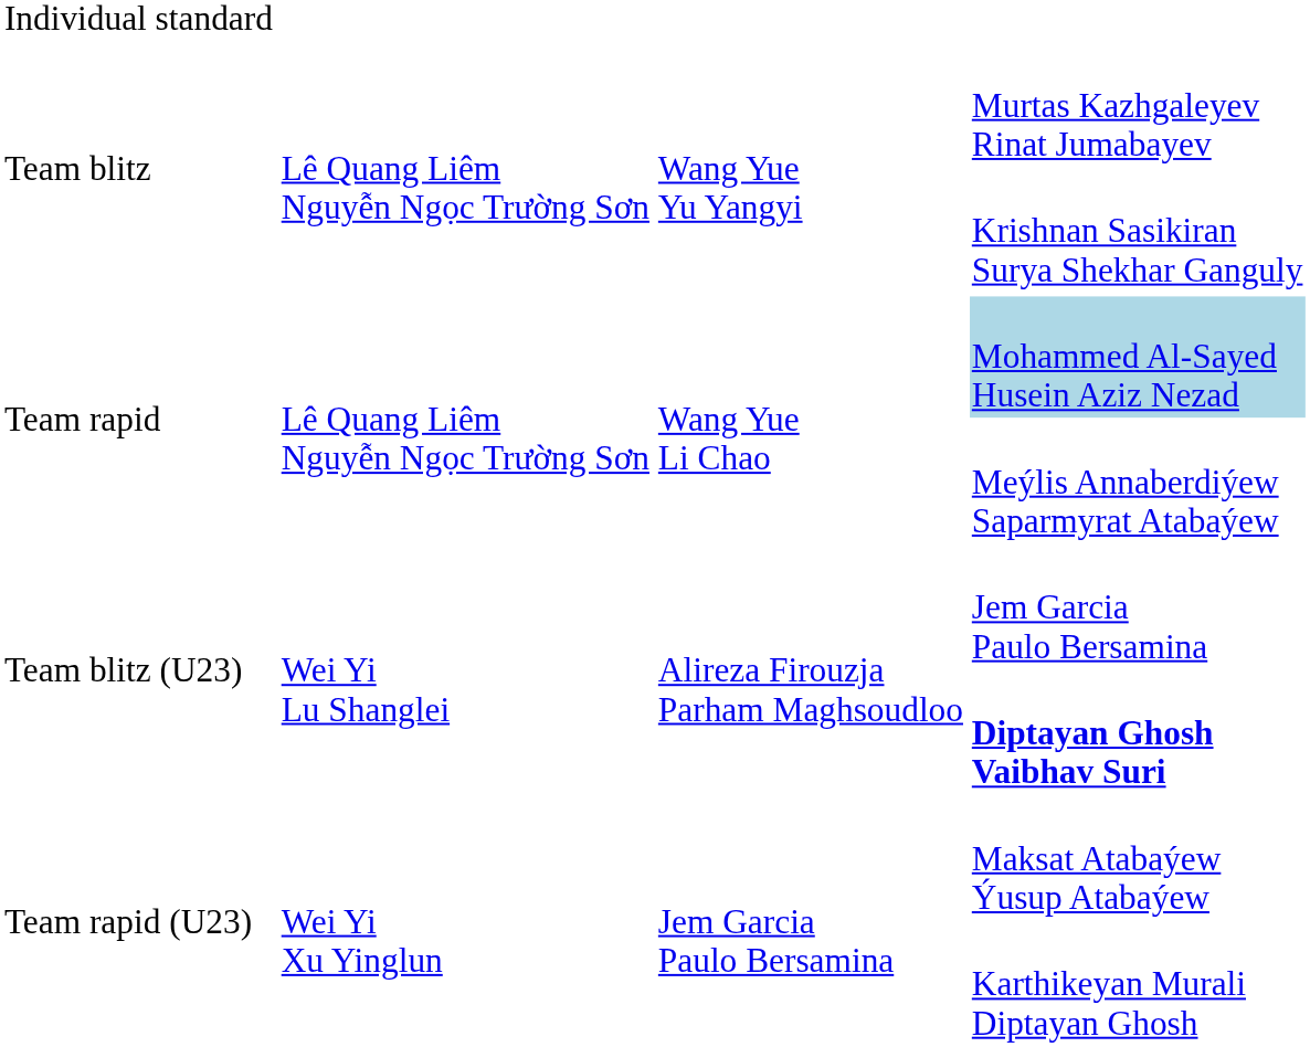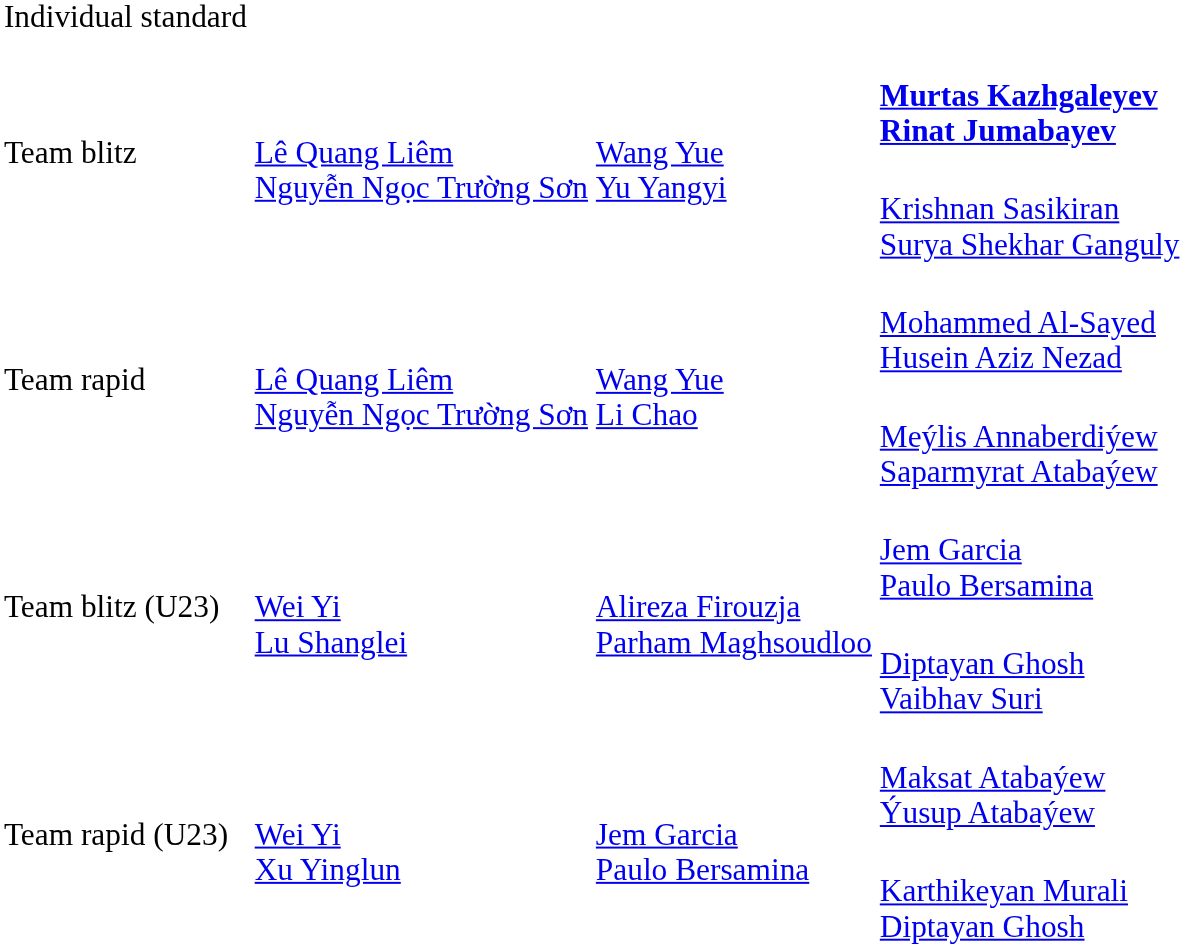 <table>
 <tr>
 <td>Individual standard</td>
 <td></td>
 <td></td>
 <td></td>
 </tr>
 <tr>
 <td rowspan=2>Team blitz</td>
 <td rowspan=2><br><a href='#'>Lê Quang Liêm</a><br><a href='#'>Nguyễn Ngọc Trường Sơn</a></td>
 <td rowspan=2><br><a href='#'>Wang Yue</a><br><a href='#'>Yu Yangyi</a></td>
-<td><br><a href='#'>Murtas Kazhgaleyev</a><br><a href='#'>Rinat Jumabayev</a></td>
+<td><strong><br><a href='#'>Murtas Kazhgaleyev</a><br><a href='#'>Rinat Jumabayev</a></strong></td>
 </tr>
 <tr>
 <td><br><a href='#'>Krishnan Sasikiran</a><br><a href='#'>Surya Shekhar Ganguly</a></td>
 </tr>
 <tr>
 <td rowspan=2>Team rapid</td>
 <td rowspan=2><br><a href='#'>Lê Quang Liêm</a><br><a href='#'>Nguyễn Ngọc Trường Sơn</a></td>
 <td rowspan=2><br><a href='#'>Wang Yue</a><br><a href='#'>Li Chao</a></td>
-<td style="background: lightblue;"><br><a href='#'>Mohammed Al-Sayed</a><br><a href='#'>Husein Aziz Nezad</a></td>
+<td><br><a href='#'>Mohammed Al-Sayed</a><br><a href='#'>Husein Aziz Nezad</a></td>
 </tr>
 <tr>
 <td><br><a href='#'>Meýlis Annaberdiýew</a><br><a href='#'>Saparmyrat Atabaýew</a></td>
 </tr>
 <tr>
 <td rowspan=2>Team blitz (U23)</td>
 <td rowspan=2><br><a href='#'>Wei Yi</a><br><a href='#'>Lu Shanglei</a></td>
 <td rowspan=2><br><a href='#'>Alireza Firouzja</a><br><a href='#'>Parham Maghsoudloo</a></td>
 <td><br><a href='#'>Jem Garcia</a><br><a href='#'>Paulo Bersamina</a></td>
 </tr>
 <tr>
-<td><strong><br><a href='#'>Diptayan Ghosh</a><br><a href='#'>Vaibhav Suri</a></strong></td>
+<td><br><a href='#'>Diptayan Ghosh</a><br><a href='#'>Vaibhav Suri</a></td>
 </tr>
 <tr>
 <td rowspan=2>Team rapid (U23)</td>
 <td rowspan=2><br><a href='#'>Wei Yi</a><br><a href='#'>Xu Yinglun</a></td>
 <td rowspan=2><br><a href='#'>Jem Garcia</a><br><a href='#'>Paulo Bersamina</a></td>
 <td><br><a href='#'>Maksat Atabaýew</a><br><a href='#'>Ýusup Atabaýew</a></td>
 </tr>
 <tr>
 <td><br><a href='#'>Karthikeyan Murali</a><br><a href='#'>Diptayan Ghosh</a></td>
 </tr>
 </table>
